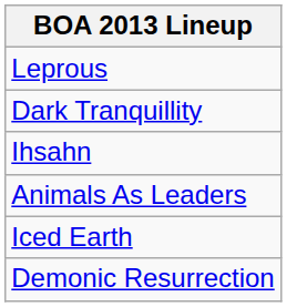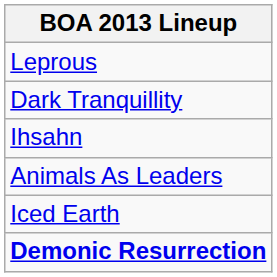 <table class="wikitable">
 <tr>
 <th>BOA 2013 Lineup</th>
 </tr>
 <tr>
 <td><a href='#'>Leprous</a></td>
 </tr>
 <tr>
 <td><a href='#'>Dark Tranquillity</a></td>
 </tr>
 <tr>
 <td><a href='#'>Ihsahn</a></td>
 </tr>
 <tr>
 <td><a href='#'>Animals As Leaders</a></td>
 </tr>
 <tr>
 <td><a href='#'>Iced Earth</a></td>
 </tr>
 <tr>
-<td><a href='#'>Demonic Resurrection</a></td>
+<td><strong><a href='#'>Demonic Resurrection</a></strong></td>
 </tr>
 </table>
